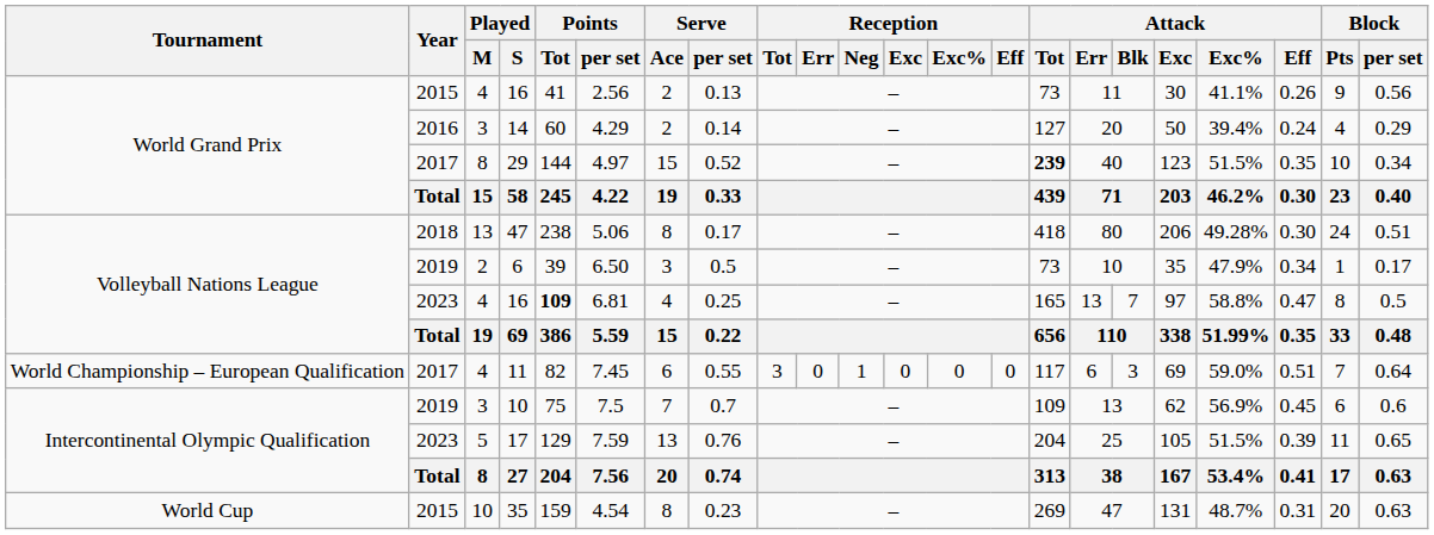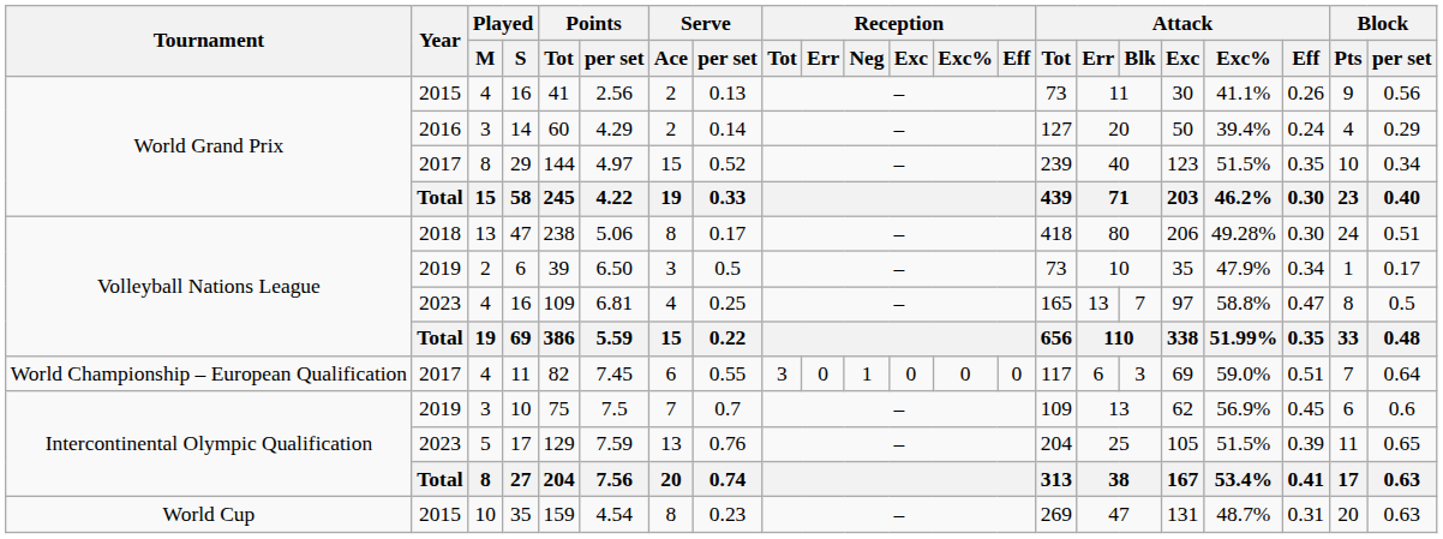 <table class="wikitable" style="text-align:center; font-size:smaller">
 <tr>
 <th rowspan="2">Tournament</th>
 <th rowspan="2">Year</th>
 <th colspan="2">Played</th>
 <th colspan="2">Points</th>
 <th colspan="2">Serve</th>
 <th colspan="6">Reception</th>
 <th colspan="6">Attack</th>
 <th colspan="2">Block</th>
 </tr>
 <tr>
 <th>M</th>
 <th>S</th>
 <th>Tot</th>
 <th>per set</th>
 <th>Ace</th>
 <th>per set</th>
 <th>Tot</th>
 <th>Err</th>
 <th>Neg</th>
 <th>Exc</th>
 <th>Exc%</th>
 <th>Eff</th>
 <th>Tot</th>
 <th>Err</th>
 <th>Blk</th>
 <th>Exc</th>
 <th>Exc%</th>
 <th>Eff</th>
 <th>Pts</th>
 <th>per set</th>
 </tr>
 <tr>
 <td rowspan="4">World Grand Prix</td>
 <td>2015</td>
 <td>4</td>
 <td>16</td>
 <td>41</td>
 <td>2.56</td>
 <td>2</td>
 <td>0.13</td>
 <td colspan="6">–</td>
 <td>73</td>
 <td colspan="2">11</td>
 <td>30</td>
 <td>41.1%</td>
 <td>0.26</td>
 <td>9</td>
 <td>0.56</td>
 </tr>
 <tr>
 <td>2016</td>
 <td>3</td>
 <td>14</td>
 <td>60</td>
 <td>4.29</td>
 <td>2</td>
 <td>0.14</td>
 <td colspan="6">–</td>
 <td>127</td>
 <td colspan="2">20</td>
 <td>50</td>
 <td>39.4%</td>
 <td>0.24</td>
 <td>4</td>
 <td>0.29</td>
 </tr>
 <tr>
 <td>2017</td>
 <td>8</td>
 <td>29</td>
 <td>144</td>
 <td>4.97</td>
 <td>15</td>
 <td>0.52</td>
 <td colspan="6">–</td>
-<td><strong>239</strong></td>
+<td>239</td>
 <td colspan="2">40</td>
 <td>123</td>
 <td>51.5%</td>
 <td>0.35</td>
 <td>10</td>
 <td>0.34</td>
 </tr>
 <tr>
 <th>Total</th>
 <th>15</th>
 <th>58</th>
 <th>245</th>
 <th>4.22</th>
 <th>19</th>
 <th>0.33</th>
 <th colspan="6"></th>
 <th>439</th>
 <th colspan="2">71</th>
 <th>203</th>
 <th>46.2%</th>
 <th>0.30</th>
 <th>23</th>
 <th>0.40</th>
 </tr>
 <tr>
 <td rowspan="4">Volleyball Nations League</td>
 <td>2018</td>
 <td>13</td>
 <td>47</td>
 <td>238</td>
 <td>5.06</td>
 <td>8</td>
 <td>0.17</td>
 <td colspan="6">–</td>
 <td>418</td>
 <td colspan="2">80</td>
 <td>206</td>
 <td>49.28%</td>
 <td>0.30</td>
 <td>24</td>
 <td>0.51</td>
 </tr>
 <tr>
 <td>2019</td>
 <td>2</td>
 <td>6</td>
 <td>39</td>
 <td>6.50</td>
 <td>3</td>
 <td>0.5</td>
 <td colspan="6">–</td>
 <td>73</td>
 <td colspan="2">10</td>
 <td>35</td>
 <td>47.9%</td>
 <td>0.34</td>
 <td>1</td>
 <td>0.17</td>
 </tr>
 <tr>
 <td>2023</td>
 <td>4</td>
 <td>16</td>
-<td><strong>109</strong></td>
+<td>109</td>
 <td>6.81</td>
 <td>4</td>
 <td>0.25</td>
 <td colspan="6">–</td>
 <td>165</td>
 <td>13</td>
 <td>7</td>
 <td>97</td>
 <td>58.8%</td>
 <td>0.47</td>
 <td>8</td>
 <td>0.5</td>
 </tr>
 <tr>
 <th>Total</th>
 <th>19</th>
 <th>69</th>
 <th>386</th>
 <th>5.59</th>
 <th>15</th>
 <th>0.22</th>
 <th colspan="6"></th>
 <th>656</th>
 <th colspan="2">110</th>
 <th>338</th>
 <th>51.99%</th>
 <th>0.35</th>
 <th>33</th>
 <th>0.48</th>
 </tr>
 <tr>
 <td>World Championship – European Qualification</td>
 <td>2017</td>
 <td>4</td>
 <td>11</td>
 <td>82</td>
 <td>7.45</td>
 <td>6</td>
 <td>0.55</td>
 <td>3</td>
 <td>0</td>
 <td>1</td>
 <td>0</td>
 <td>0</td>
 <td>0</td>
 <td>117</td>
 <td>6</td>
 <td>3</td>
 <td>69</td>
 <td>59.0%</td>
 <td>0.51</td>
 <td>7</td>
 <td>0.64</td>
 </tr>
 <tr>
 <td rowspan="3">Intercontinental Olympic Qualification</td>
 <td>2019</td>
 <td>3</td>
 <td>10</td>
 <td>75</td>
 <td>7.5</td>
 <td>7</td>
 <td>0.7</td>
 <td colspan="6">–</td>
 <td>109</td>
 <td colspan="2">13</td>
 <td>62</td>
 <td>56.9%</td>
 <td>0.45</td>
 <td>6</td>
 <td>0.6</td>
 </tr>
 <tr>
 <td>2023</td>
 <td>5</td>
 <td>17</td>
 <td>129</td>
 <td>7.59</td>
 <td>13</td>
 <td>0.76</td>
 <td colspan="6">–</td>
 <td>204</td>
 <td colspan="2">25</td>
 <td>105</td>
 <td>51.5%</td>
 <td>0.39</td>
 <td>11</td>
 <td>0.65</td>
 </tr>
 <tr>
 <th>Total</th>
 <th>8</th>
 <th>27</th>
 <th>204</th>
 <th>7.56</th>
 <th>20</th>
 <th>0.74</th>
 <th colspan="6"></th>
 <th>313</th>
 <th colspan="2">38</th>
 <th>167</th>
 <th>53.4%</th>
 <th>0.41</th>
 <th>17</th>
 <th>0.63</th>
 </tr>
 <tr>
 <td>World Cup</td>
 <td>2015</td>
 <td>10</td>
 <td>35</td>
 <td>159</td>
 <td>4.54</td>
 <td>8</td>
 <td>0.23</td>
 <td colspan="6">–</td>
 <td>269</td>
 <td colspan="2">47</td>
 <td>131</td>
 <td>48.7%</td>
 <td>0.31</td>
 <td>20</td>
 <td>0.63</td>
 </tr>
 </table>
